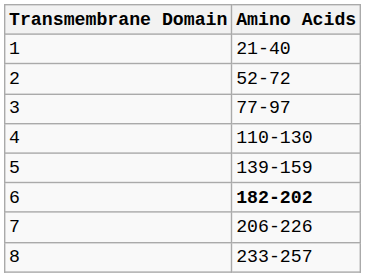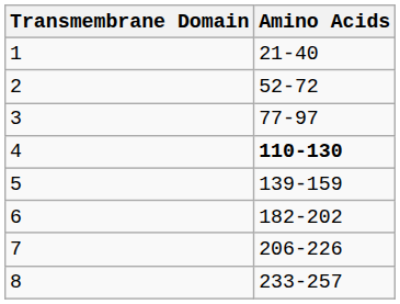 <table class="wikitable">
 <tr>
 <th>Transmembrane Domain</th>
 <th>Amino Acids</th>
 </tr>
 <tr>
 <td>1</td>
 <td>21-40</td>
 </tr>
 <tr>
 <td>2</td>
 <td>52-72</td>
 </tr>
 <tr>
 <td>3</td>
 <td>77-97</td>
 </tr>
 <tr>
 <td>4</td>
-<td>110-130</td>
+<td><strong>110-130</strong></td>
 </tr>
 <tr>
 <td>5</td>
 <td>139-159</td>
 </tr>
 <tr>
 <td>6</td>
-<td><strong>182-202</strong></td>
+<td>182-202</td>
 </tr>
 <tr>
 <td>7</td>
 <td>206-226</td>
 </tr>
 <tr>
 <td>8</td>
 <td>233-257</td>
 </tr>
 </table>
